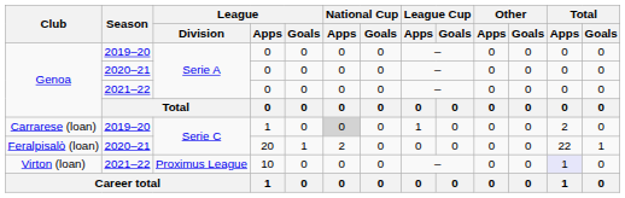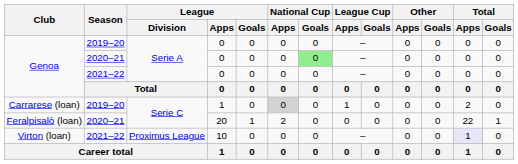 <table class="wikitable" style="text-align: center">
 <tr>
 <th rowspan="2">Club</th>
 <th rowspan="2">Season</th>
 <th colspan="3">League</th>
 <th colspan="2">National Cup</th>
 <th colspan="2">League Cup</th>
 <th colspan="2">Other</th>
 <th colspan="2">Total</th>
 </tr>
 <tr>
 <th>Division</th>
 <th>Apps</th>
 <th>Goals</th>
 <th>Apps</th>
 <th>Goals</th>
 <th>Apps</th>
 <th>Goals</th>
 <th>Apps</th>
 <th>Goals</th>
 <th>Apps</th>
 <th>Goals</th>
 </tr>
 <tr>
 <td rowspan="4"><a href='#'>Genoa</a></td>
 <td><a href='#'>2019–20</a></td>
 <td rowspan="3"><a href='#'>Serie A</a></td>
 <td>0</td>
 <td>0</td>
 <td>0</td>
 <td>0</td>
 <td colspan="2">–</td>
 <td>0</td>
 <td>0</td>
 <td>0</td>
 <td>0</td>
 </tr>
 <tr>
 <td><a href='#'>2020–21</a></td>
 <td>0</td>
 <td>0</td>
 <td>0</td>
-<td>0</td>
+<td style="background: lightgreen;">0</td>
 <td colspan="2">–</td>
 <td>0</td>
 <td>0</td>
 <td>0</td>
 <td>0</td>
 </tr>
 <tr>
 <td><a href='#'>2021–22</a></td>
 <td>0</td>
 <td>0</td>
 <td>0</td>
 <td>0</td>
 <td colspan="2">–</td>
 <td>0</td>
 <td>0</td>
 <td>0</td>
 <td>0</td>
 </tr>
 <tr>
 <th colspan="2"><strong>Total</strong></th>
 <th>0</th>
 <th>0</th>
 <th>0</th>
 <th>0</th>
 <th>0</th>
 <th>0</th>
 <th>0</th>
 <th>0</th>
 <th>0</th>
 <th>0</th>
 </tr>
 <tr>
 <td><a href='#'>Carrarese</a> (loan)</td>
 <td><a href='#'>2019–20</a></td>
 <td rowspan="2"><a href='#'>Serie C</a></td>
 <td>1</td>
 <td>0</td>
 <td style="background: lightgrey;">0</td>
 <td>0</td>
 <td>1</td>
 <td>0</td>
 <td>0</td>
 <td>0</td>
 <td>2</td>
 <td>0</td>
 </tr>
 <tr>
 <td><a href='#'>Feralpisalò</a> (loan)</td>
 <td><a href='#'>2020–21</a></td>
 <td>20</td>
 <td>1</td>
 <td>2</td>
 <td>0</td>
 <td>0</td>
 <td>0</td>
 <td>0</td>
 <td>0</td>
 <td>22</td>
 <td>1</td>
 </tr>
 <tr>
 <td><a href='#'>Virton</a> (loan)</td>
 <td><a href='#'>2021–22</a></td>
 <td><a href='#'>Proximus League</a></td>
 <td>10</td>
 <td>0</td>
 <td>0</td>
 <td>0</td>
 <td colspan="2">–</td>
 <td>0</td>
 <td>0</td>
 <td style="background: lavender;">1</td>
 <td>0</td>
 </tr>
 <tr>
 <th colspan="3"><strong>Career total</strong></th>
 <th>1</th>
 <th>0</th>
 <th>0</th>
 <th>0</th>
 <th>0</th>
 <th>0</th>
 <th>0</th>
 <th>0</th>
 <th>1</th>
 <th>0</th>
 </tr>
 </table>
